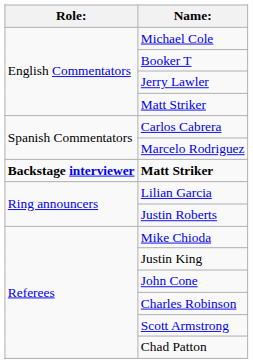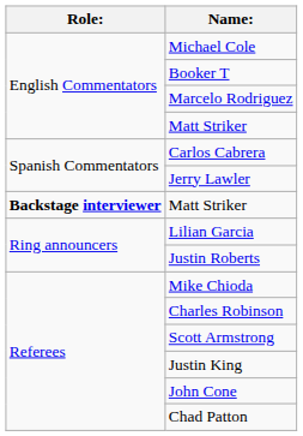 <table class=wikitable style="font-size:90%; margin: 0.5em 0 0.5em 1em; float: right; clear: right;">
 <tr>
 <th>Role:</th>
 <th>Name:</th>
 </tr>
 <tr>
 <td rowspan=4>English <a href='#'>Commentators</a></td>
 <td><a href='#'>Michael Cole</a></td>
 </tr>
 <tr>
 <td><a href='#'>Booker T</a></td>
 </tr>
 <tr>
-<td><a href='#'>Jerry Lawler</a></td>
+<td><a href='#'>Marcelo Rodriguez</a></td>
 </tr>
 <tr>
 <td><a href='#'>Matt Striker</a> </td>
 </tr>
 <tr>
 <td rowspan=2>Spanish Commentators</td>
 <td><a href='#'>Carlos Cabrera</a></td>
 </tr>
 <tr>
-<td><a href='#'>Marcelo Rodriguez</a></td>
+<td><a href='#'>Jerry Lawler</a></td>
 </tr>
 <tr>
 <td><strong>Backstage <a href='#'>interviewer</a></strong></td>
-<td><strong>Matt Striker</strong></td>
+<td>Matt Striker</td>
 </tr>
 <tr>
 <td rowspan=2><a href='#'>Ring announcers</a></td>
 <td><a href='#'>Lilian Garcia</a> </td>
 </tr>
 <tr>
 <td><a href='#'>Justin Roberts</a> </td>
 </tr>
 <tr>
 <td rowspan=6><a href='#'>Referees</a></td>
 <td><a href='#'>Mike Chioda</a></td>
 </tr>
 <tr>
+<td><a href='#'>Charles Robinson</a></td>
+</tr>
+<tr>
+<td><a href='#'>Scott Armstrong</a></td>
+</tr>
+<tr>
 <td>Justin King</td>
 </tr>
 <tr>
 <td><a href='#'>John Cone</a></td>
 </tr>
 <tr>
-<td><a href='#'>Charles Robinson</a></td>
-</tr>
-<tr>
-<td><a href='#'>Scott Armstrong</a></td>
-</tr>
-<tr>
 <td>Chad Patton</td>
 </tr>
 </table>
